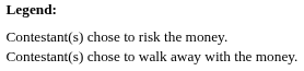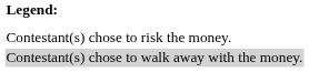 <table class="toccolours" style="font-size:100%; white-space:nowrap;">
 <tr>
 <td><strong>Legend:</strong></td>
 <td>      </td>
 </tr>
 <tr>
 <td></td>
 </tr>
 <tr>
 <td></td>
 </tr>
 <tr>
 <td> Contestant(s) chose to risk the money.</td>
 </tr>
 <tr>
-<td> Contestant(s) chose to walk away with the money.</td>
+<td style="background: lightgrey;"> Contestant(s) chose to walk away with the money.</td>
 </tr>
 </table>
